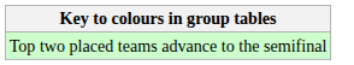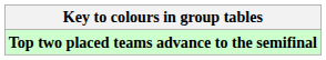 <table class="wikitable">
 <tr>
 <th>Key to colours in group tables</th>
 </tr>
 <tr style="background:#cfc;">
-<td>Top two placed teams advance to the semifinal</td>
+<td><strong>Top two placed teams advance to the semifinal</strong></td>
 </tr>
 </table>
